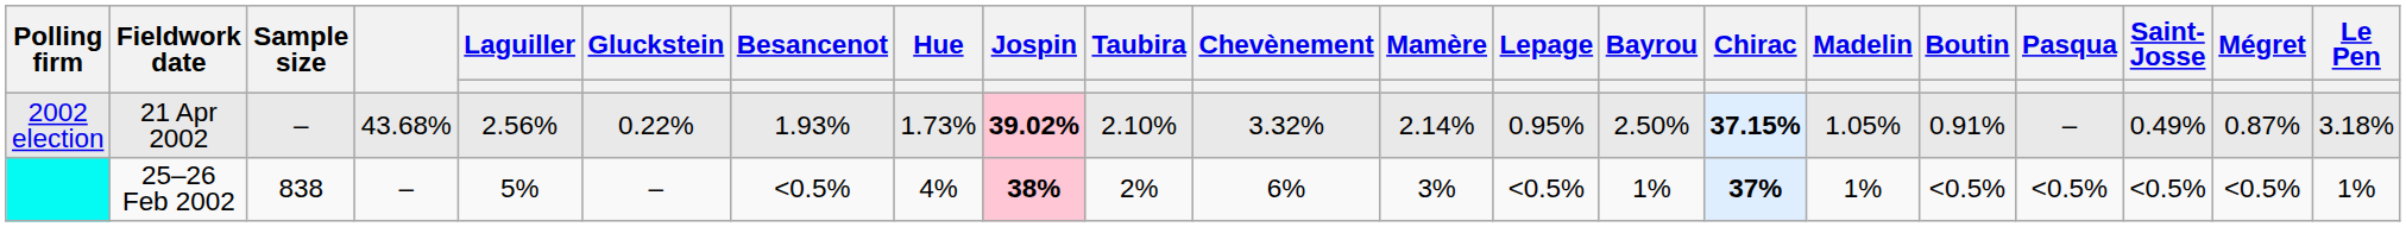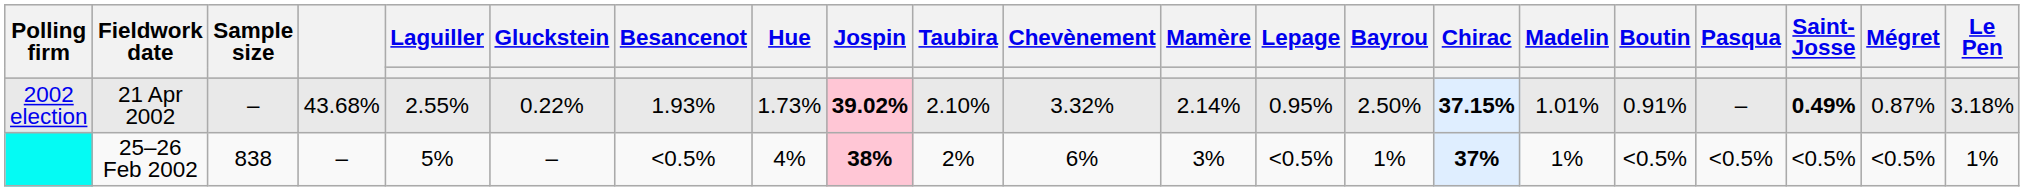 <table class="wikitable sortable" style="text-align:center;font-size:90%;line-height:14px;">
 <tr style="height:40px;">
 <th style="width:100px;" rowspan="2">Polling firm</th>
 <th style="width:110px;" rowspan="2">Fieldwork date</th>
 <th style="width:35px;" rowspan="2">Sample<br>size</th>
 <th style="width:30px;" rowspan="2"></th>
 <th class="unsortable" style="width:60px;"><a href='#'>Laguiller</a><br></th>
 <th class="unsortable" style="width:60px;"><a href='#'>Gluckstein</a><br></th>
 <th class="unsortable" style="width:60px;"><a href='#'>Besancenot</a><br></th>
 <th class="unsortable" style="width:60px;"><a href='#'>Hue</a><br></th>
 <th class="unsortable" style="width:60px;"><a href='#'>Jospin</a><br></th>
 <th class="unsortable" style="width:60px;"><a href='#'>Taubira</a><br></th>
 <th class="unsortable" style="width:60px;"><a href='#'>Chevènement</a><br></th>
 <th class="unsortable" style="width:60px;"><a href='#'>Mamère</a><br></th>
 <th class="unsortable" style="width:60px;"><a href='#'>Lepage</a><br></th>
 <th class="unsortable" style="width:60px;"><a href='#'>Bayrou</a><br></th>
 <th class="unsortable" style="width:60px;"><a href='#'>Chirac</a><br></th>
 <th class="unsortable" style="width:60px;"><a href='#'>Madelin</a><br></th>
 <th class="unsortable" style="width:60px;"><a href='#'>Boutin</a><br></th>
 <th class="unsortable" style="width:60px;"><a href='#'>Pasqua</a><br></th>
 <th class="unsortable" style="width:60px;"><a href='#'>Saint-<br>Josse</a><br></th>
 <th class="unsortable" style="width:60px;"><a href='#'>Mégret</a><br></th>
 <th class="unsortable" style="width:60px;"><a href='#'>Le Pen</a><br></th>
 </tr>
 <tr>
 <th style="background:"></th>
 <th style="background:"></th>
 <th style="background:"></th>
 <th style="background:"></th>
 <th style="background:"></th>
 <th style="background:"></th>
 <th style="background:"></th>
 <th style="background:"></th>
 <th style="background:"></th>
 <th style="background:"></th>
 <th style="background:"></th>
 <th style="background:"></th>
 <th style="background:"></th>
 <th style="background:"></th>
 <th style="background:"></th>
 <th style="background:"></th>
 <th style="background:"></th>
 </tr>
 <tr style="background:#E9E9E9;">
 <td><a href='#'>2002 election</a></td>
 <td data-sort-value="2002-04-21">21 Apr 2002</td>
 <td>–</td>
 <td>43.68%</td>
-<td>2.56%</td>
+<td>2.55%</td>
 <td>0.22%</td>
 <td>1.93%</td>
 <td>1.73%</td>
 <td style="background:#FFC6D5;"><strong>39.02%</strong></td>
 <td>2.10%</td>
 <td>3.32%</td>
 <td>2.14%</td>
 <td>0.95%</td>
 <td>2.50%</td>
 <td style="background:#DFEEFF;"><strong>37.15%</strong></td>
-<td>1.05%</td>
+<td>1.01%</td>
 <td>0.91%</td>
 <td>–</td>
-<td>0.49%</td>
+<td><strong>0.49%</strong></td>
 <td>0.87%</td>
 <td>3.18%</td>
 </tr>
 <tr>
 <td style="background:#04FBF4;"></td>
 <td data-sort-value="2002-02-26">25–26 Feb 2002</td>
 <td>838</td>
 <td>–</td>
 <td>5%</td>
 <td>–</td>
 <td data-sort-value="0%"><0.5%</td>
 <td>4%</td>
 <td style="background:#FFC6D5;"><strong>38%</strong></td>
 <td>2%</td>
 <td>6%</td>
 <td>3%</td>
 <td data-sort-value="0%"><0.5%</td>
 <td>1%</td>
 <td style="background:#DFEEFF;"><strong>37%</strong></td>
 <td>1%</td>
 <td data-sort-value="0%"><0.5%</td>
 <td data-sort-value="0%"><0.5%</td>
 <td data-sort-value="0%"><0.5%</td>
 <td data-sort-value="0%"><0.5%</td>
 <td>1%</td>
 </tr>
 </table>
